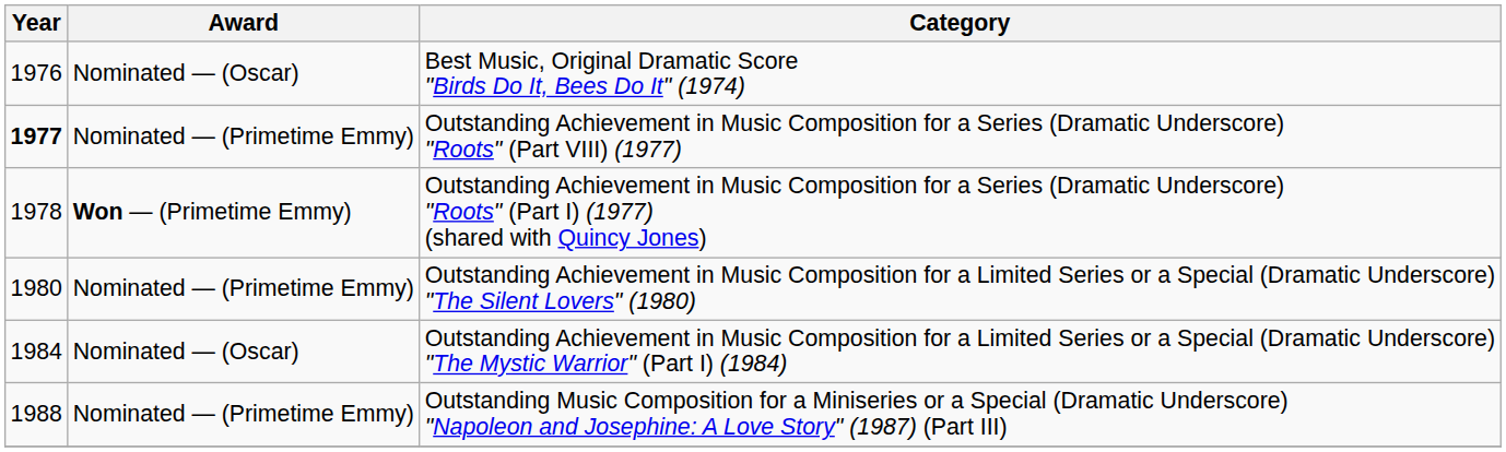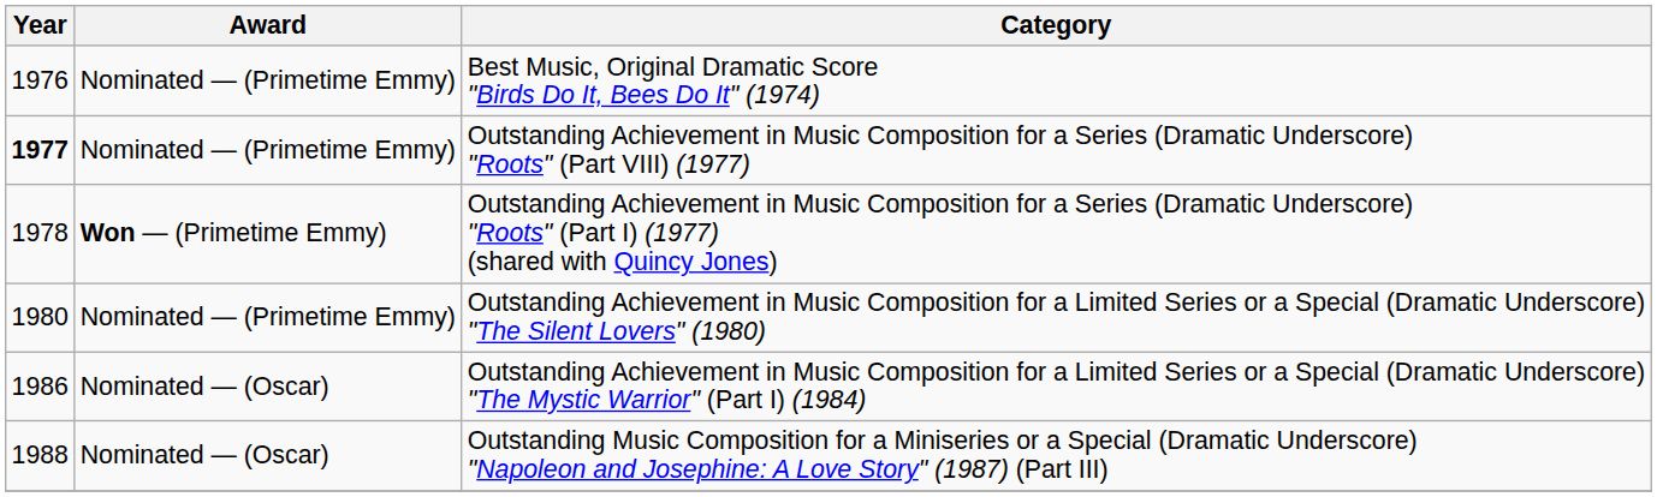 <table class="wikitable sortable">
 <tr>
 <th>Year</th>
 <th>Award</th>
 <th>Category</th>
 </tr>
 <tr>
 <td>1976</td>
-<td>Nominated — (Oscar)</td>
+<td>Nominated — (Primetime Emmy)</td>
 <td>Best Music, Original Dramatic Score<br><em>"<a href='#'>Birds Do It, Bees Do It</a>"</em> <em>(1974)</em></td>
 </tr>
 <tr>
 <td><strong>1977</strong></td>
 <td>Nominated — (Primetime Emmy)</td>
 <td>Outstanding Achievement in Music Composition for a Series (Dramatic Underscore)<br><em>"<a href='#'>Roots</a>"</em> (Part VIII) <em>(1977)</em></td>
 </tr>
 <tr>
 <td>1978</td>
 <td><strong>Won</strong> — (Primetime Emmy)</td>
 <td>Outstanding Achievement in Music Composition for a Series (Dramatic Underscore)<br><em>"<a href='#'>Roots</a>"</em> (Part I) <em>(1977)</em><br>(shared with <a href='#'>Quincy Jones</a>)</td>
 </tr>
 <tr>
 <td>1980</td>
 <td>Nominated — (Primetime Emmy)</td>
 <td>Outstanding Achievement in Music Composition for a Limited Series or a Special (Dramatic Underscore)<br><em>"<a href='#'>The Silent Lovers</a>"</em> <em>(1980)</em></td>
 </tr>
 <tr>
-<td>1984</td>
+<td>1986</td>
 <td>Nominated — (Oscar)</td>
 <td>Outstanding Achievement in Music Composition for a Limited Series or a Special (Dramatic Underscore)<br><em>"<a href='#'>The Mystic Warrior</a>"</em> (Part I) <em>(1984)</em></td>
 </tr>
 <tr>
 <td>1988</td>
-<td>Nominated — (Primetime Emmy)</td>
+<td>Nominated — (Oscar)</td>
 <td>Outstanding Music Composition for a Miniseries or a Special (Dramatic Underscore)<br><em>"<a href='#'>Napoleon and Josephine: A Love Story</a>"</em> <em>(1987)</em> (Part III)</td>
 </tr>
 <tr>
 </tr>
 </table>
